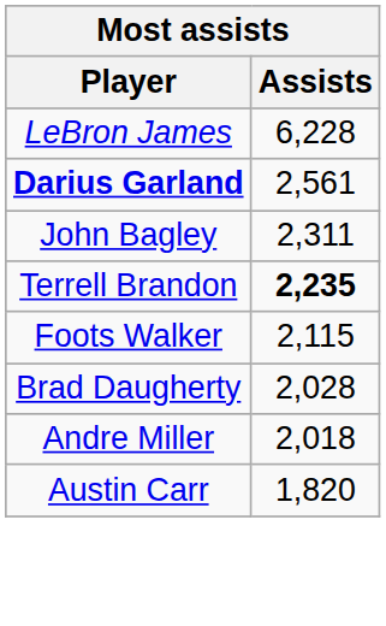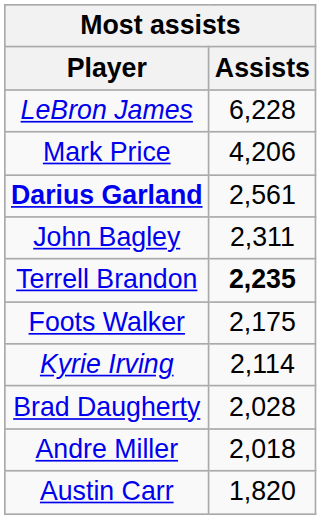 <table class="wikitable sortable" style="text-align:center">
 <tr>
 <th colspan="2" style="text-align:center; ">Most assists</th>
 </tr>
 <tr>
 <th style="text-align:center; ">Player</th>
 <th style="text-align:center; ">Assists</th>
 </tr>
 <tr>
 <td><em><a href='#'>LeBron James</a></em></td>
 <td>6,228</td>
+</tr>
+<tr>
+<td><a href='#'>Mark Price</a></td>
+<td>4,206</td>
 </tr>
 <tr>
 <td><strong><a href='#'>Darius Garland</a></strong></td>
 <td>2,561</td>
 </tr>
 <tr>
 <td><a href='#'>John Bagley</a></td>
 <td>2,311</td>
 </tr>
 <tr>
 <td><a href='#'>Terrell Brandon</a></td>
 <td><strong>2,235</strong></td>
 </tr>
 <tr>
 <td><a href='#'>Foots Walker</a></td>
-<td>2,115</td>
+<td>2,175</td>
+</tr>
+<tr>
+<td><em><a href='#'>Kyrie Irving</a></em></td>
+<td>2,114</td>
 </tr>
 <tr>
 <td><a href='#'>Brad Daugherty</a></td>
 <td>2,028</td>
 </tr>
 <tr>
 <td><a href='#'>Andre Miller</a></td>
 <td>2,018</td>
 </tr>
 <tr>
 <td><a href='#'>Austin Carr</a></td>
 <td>1,820</td>
 </tr>
 </table>
